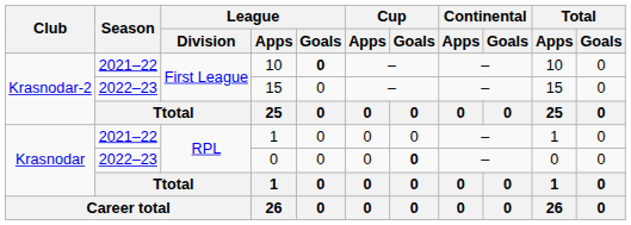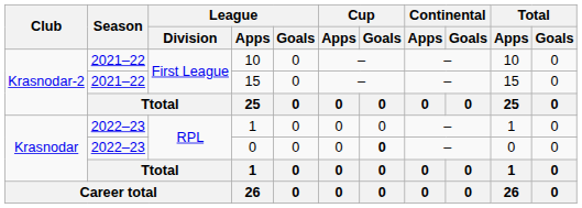 <table class="wikitable" style="text-align: center;">
 <tr>
 <th rowspan=2>Club</th>
 <th rowspan=2>Season</th>
 <th colspan=3>League</th>
 <th colspan=2>Cup</th>
 <th colspan=2>Continental</th>
 <th colspan=2>Total</th>
 </tr>
 <tr>
 <th>Division</th>
 <th>Apps</th>
 <th>Goals</th>
 <th>Apps</th>
 <th>Goals</th>
 <th>Apps</th>
 <th>Goals</th>
 <th>Apps</th>
 <th>Goals</th>
 </tr>
 <tr>
 <td rowspan="3"><a href='#'>Krasnodar-2</a></td>
 <td><a href='#'>2021–22</a></td>
 <td rowspan="2"><a href='#'>First League</a></td>
 <td>10</td>
-<td><strong>0</strong></td>
+<td>0</td>
 <td colspan=2>–</td>
 <td colspan=2>–</td>
 <td>10</td>
 <td>0</td>
 </tr>
 <tr>
-<td><a href='#'>2022–23</a></td>
+<td><a href='#'>2021–22</a></td>
 <td>15</td>
 <td>0</td>
 <td colspan=2>–</td>
 <td colspan=2>–</td>
 <td>15</td>
 <td>0</td>
 </tr>
 <tr>
 <th colspan=2>Ttotal</th>
 <th>25</th>
 <th>0</th>
 <th>0</th>
 <th>0</th>
 <th>0</th>
 <th>0</th>
 <th>25</th>
 <th>0</th>
 </tr>
 <tr>
 <td rowspan="3"><a href='#'>Krasnodar</a></td>
-<td><a href='#'>2021–22</a></td>
+<td><a href='#'>2022–23</a></td>
 <td rowspan="2"><a href='#'>RPL</a></td>
 <td>1</td>
 <td>0</td>
 <td>0</td>
 <td>0</td>
 <td colspan=2>–</td>
 <td>1</td>
 <td>0</td>
 </tr>
 <tr>
 <td><a href='#'>2022–23</a></td>
 <td>0</td>
 <td>0</td>
 <td>0</td>
 <td><strong>0</strong></td>
 <td colspan=2>–</td>
 <td>0</td>
 <td>0</td>
 </tr>
 <tr>
 <th colspan=2>Ttotal</th>
 <th>1</th>
 <th>0</th>
 <th>0</th>
 <th>0</th>
 <th>0</th>
 <th>0</th>
 <th>1</th>
 <th>0</th>
 </tr>
 <tr>
 <th colspan=3>Career total</th>
 <th>26</th>
 <th>0</th>
 <th>0</th>
 <th>0</th>
 <th>0</th>
 <th>0</th>
 <th>26</th>
 <th>0</th>
 </tr>
 </table>
